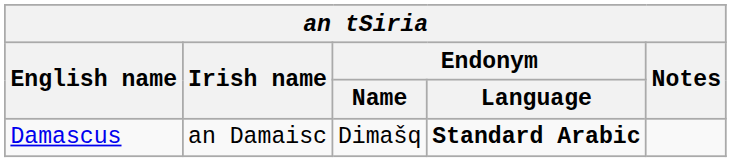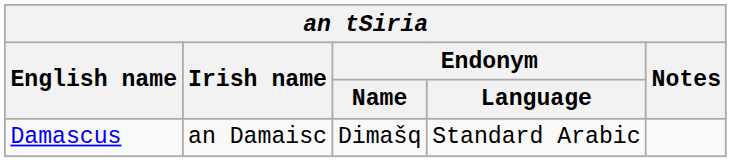 <table class="wikitable sortable">
 <tr>
 <th colspan="5"> <em>an tSiria</em></th>
 </tr>
 <tr>
 <th rowspan="2">English name</th>
 <th rowspan="2">Irish name</th>
 <th colspan="2">Endonym</th>
 <th rowspan="2">Notes</th>
 </tr>
 <tr>
 <th>Name</th>
 <th>Language</th>
 </tr>
 <tr>
 <td><a href='#'>Damascus</a></td>
 <td>an Damaisc</td>
 <td>Dimašq</td>
-<td><strong>Standard Arabic</strong></td>
+<td>Standard Arabic</td>
 <td></td>
 </tr>
 </table>
